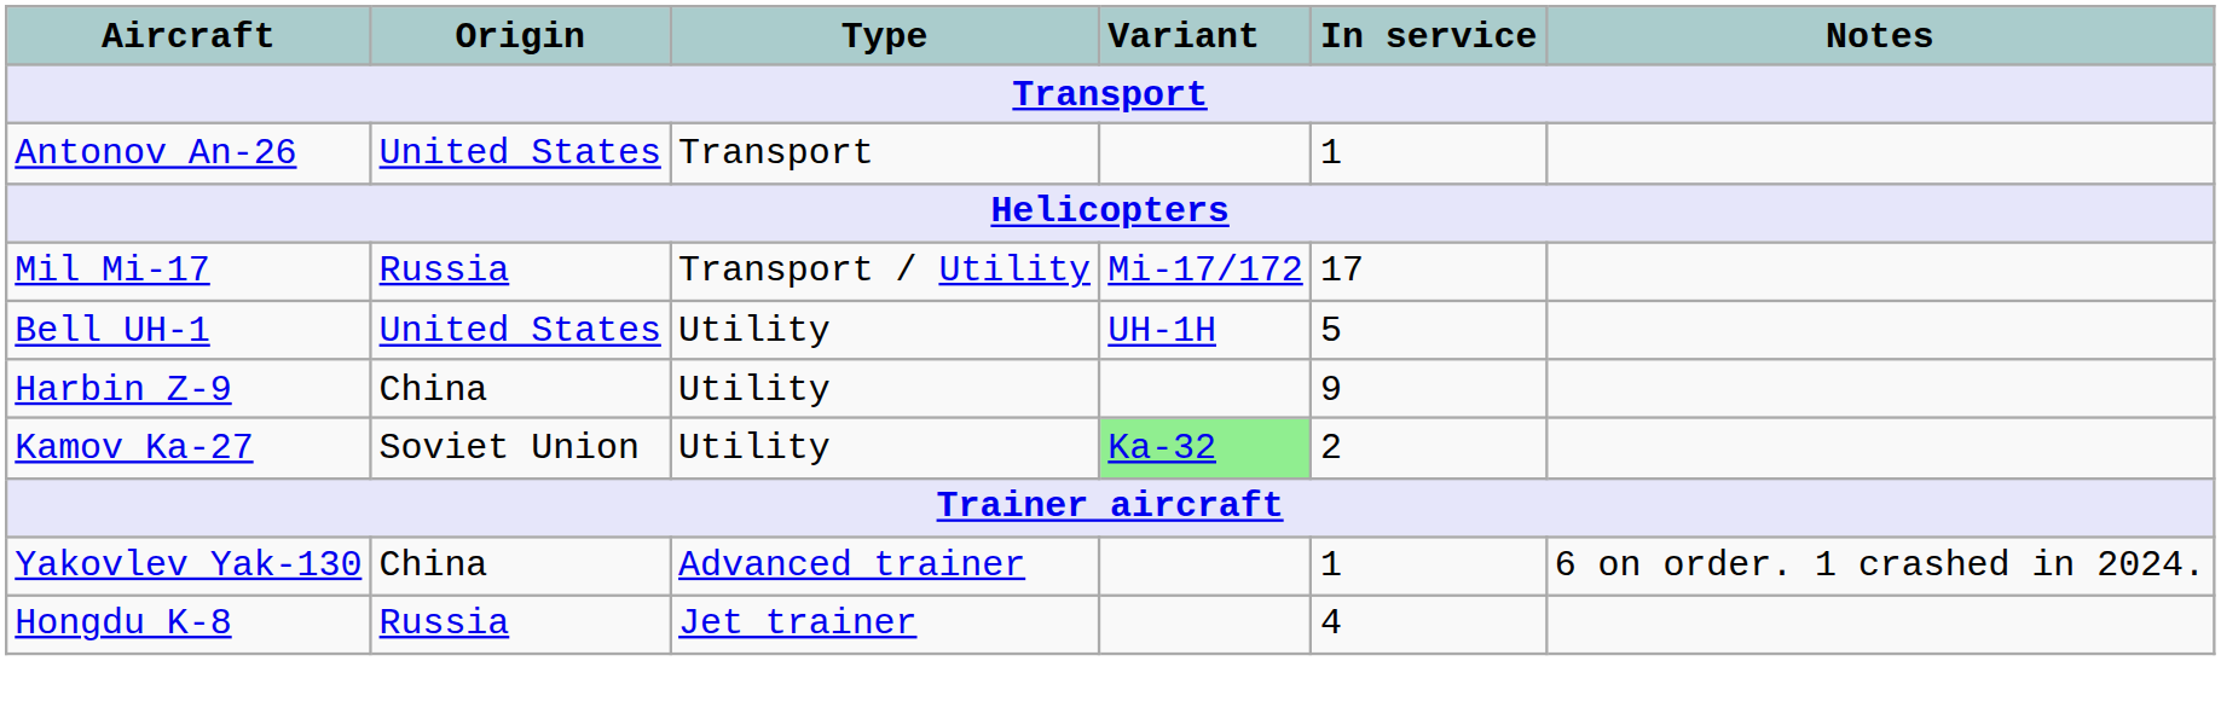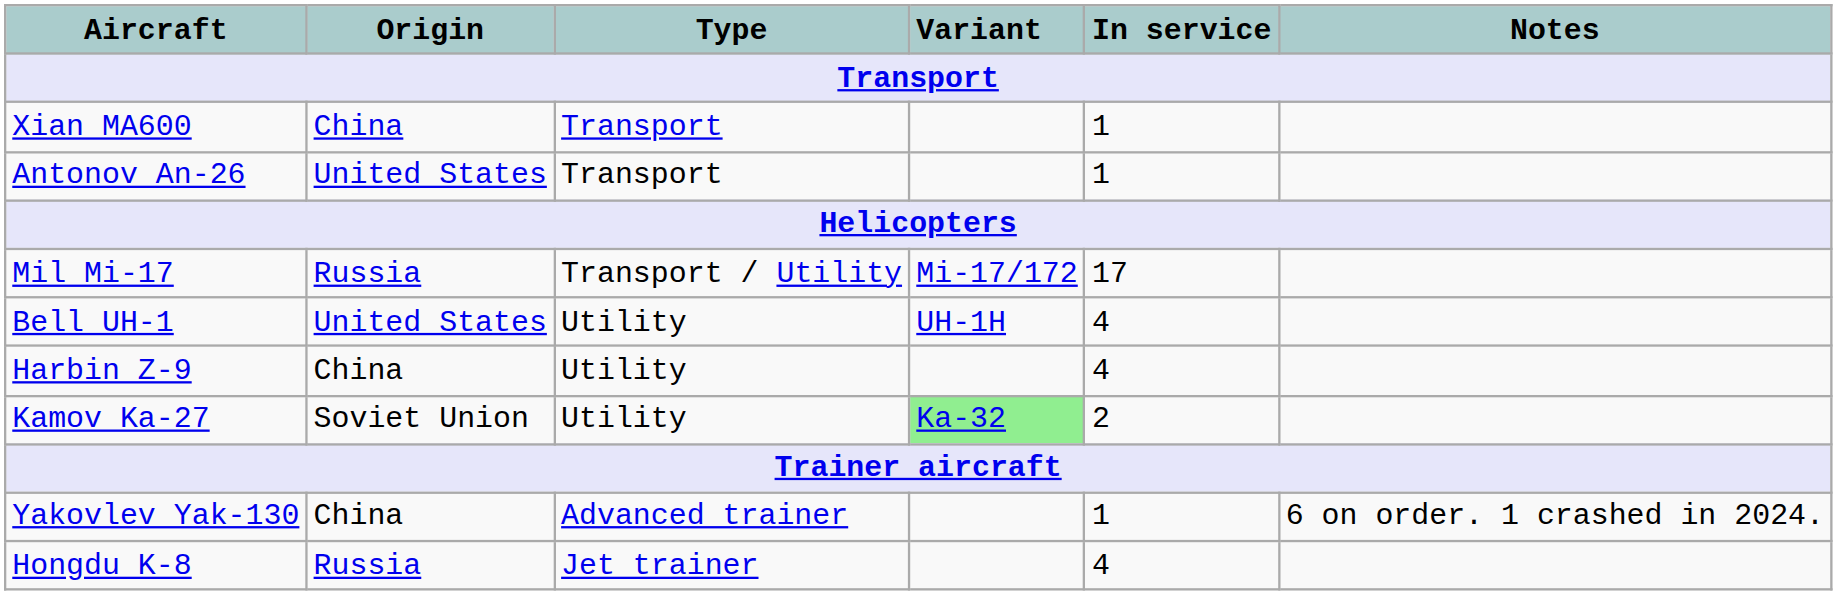 <table class="wikitable">
 <tr>
 <th style="text-align:center; background:#acc;">Aircraft</th>
 <th style="text-align: center; background:#acc;">Origin</th>
 <th style="text-align:l center; background:#acc;">Type</th>
 <th style="text-align:left; background:#acc;">Variant</th>
 <th style="text-align:center; background:#acc;">In service</th>
 <th style="text-align: center; background:#acc;">Notes</th>
 </tr>
 <tr>
 <th colspan="6" style="align: center; background: lavender;"><a href='#'>Transport</a></th>
+</tr>
+<tr>
+<td><a href='#'>Xian MA600</a></td>
+<td><a href='#'>China</a></td>
+<td><a href='#'>Transport</a></td>
+<td></td>
+<td>1</td>
+<td></td>
 </tr>
 <tr>
 <td><a href='#'>Antonov An-26</a></td>
 <td><a href='#'>United States</a></td>
 <td>Transport</td>
 <td></td>
 <td>1</td>
 <td></td>
 </tr>
 <tr>
 <th colspan="6" style="align: center; background: lavender;"><a href='#'>Helicopters</a></th>
 </tr>
 <tr>
 <td><a href='#'>Mil Mi-17</a></td>
 <td><a href='#'>Russia</a></td>
 <td>Transport / <a href='#'>Utility</a></td>
 <td><a href='#'>Mi-17/172</a></td>
 <td>17</td>
 <td></td>
 </tr>
 <tr>
 <td><a href='#'>Bell UH-1</a></td>
 <td><a href='#'>United States</a></td>
 <td>Utility</td>
 <td><a href='#'>UH-1H</a></td>
-<td>5</td>
+<td>4</td>
 <td></td>
 </tr>
 <tr>
 <td><a href='#'>Harbin Z-9</a></td>
 <td>China</td>
 <td>Utility</td>
 <td></td>
-<td>9</td>
+<td>4</td>
 <td></td>
 </tr>
 <tr>
 <td><a href='#'>Kamov Ka-27</a></td>
 <td>Soviet Union</td>
 <td>Utility</td>
 <td style="background: lightgreen;"><a href='#'>Ka-32</a></td>
 <td>2</td>
 <td></td>
 </tr>
 <tr>
 <th colspan="6" style="align: center; background: lavender;"><a href='#'>Trainer aircraft</a></th>
 </tr>
 <tr>
 <td><a href='#'>Yakovlev Yak-130</a></td>
 <td>China</td>
 <td><a href='#'>Advanced trainer</a></td>
 <td></td>
 <td>1</td>
 <td>6 on order. 1 crashed in 2024.</td>
 </tr>
 <tr>
 <td><a href='#'>Hongdu K-8</a></td>
 <td><a href='#'>Russia</a></td>
 <td><a href='#'>Jet trainer</a></td>
 <td></td>
 <td>4</td>
 <td></td>
 </tr>
 </table>
